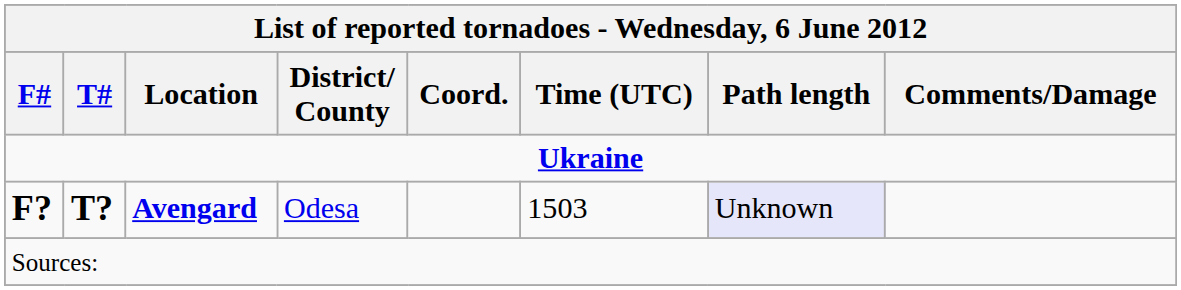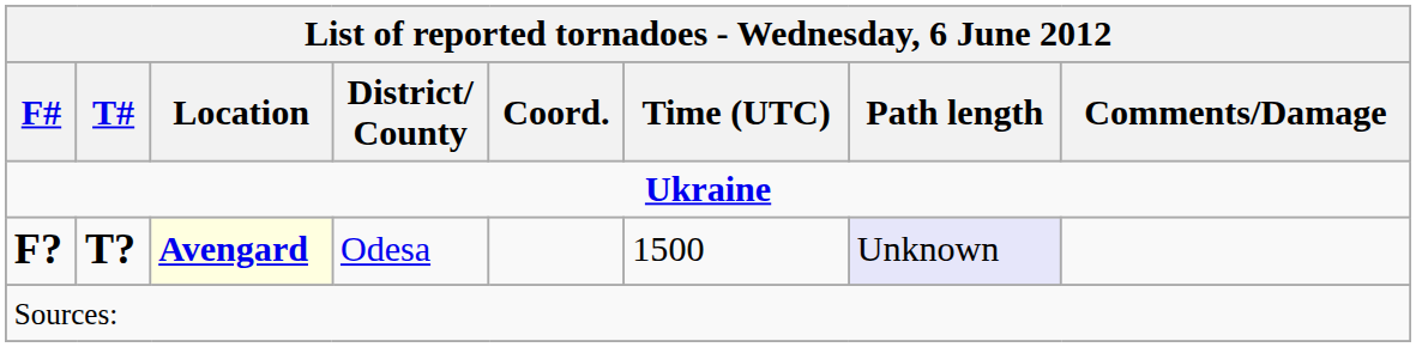 <table class="wikitable collapsible" width="100%">
 <tr>
 <th colspan="8">List of reported tornadoes - Wednesday, 6 June 2012</th>
 </tr>
 <tr>
 <th><a href='#'>F#</a></th>
 <th><a href='#'>T#</a></th>
 <th>Location</th>
 <th>District/<br>County</th>
 <th>Coord.</th>
 <th>Time (UTC)</th>
 <th>Path length</th>
 <th>Comments/Damage</th>
 </tr>
 <tr>
 <td colspan="8" align=center><strong><a href='#'>Ukraine</a></strong></td>
 </tr>
 <tr>
 <td><big><strong>F?</strong></big></td>
 <td><big><strong>T?</strong></big></td>
-<td><strong><a href='#'>Avengard</a></strong></td>
+<td style="background: lightyellow;"><strong><a href='#'>Avengard</a></strong></td>
 <td><a href='#'>Odesa</a></td>
 <td></td>
-<td>1503</td>
+<td>1500</td>
 <td style="background: lavender;">Unknown</td>
 <td></td>
 </tr>
 <tr>
 <td colspan="8"><small>Sources:  </small></td>
 </tr>
 </table>
